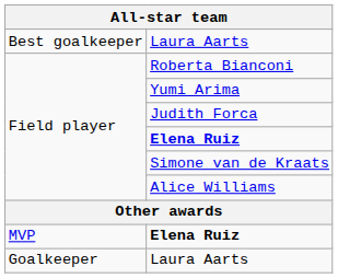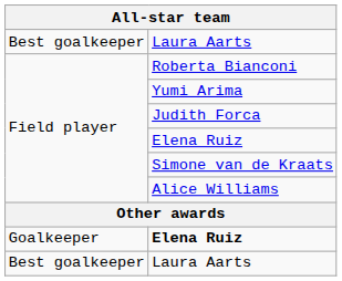 <table class="wikitable">
 <tr>
 <th colspan=2>All-star team</th>
 </tr>
 <tr>
 <td>Best goalkeeper</td>
 <td> <a href='#'>Laura Aarts</a></td>
 </tr>
 <tr>
 <td rowspan=6>Field player</td>
 <td> <a href='#'>Roberta Bianconi</a></td>
 </tr>
 <tr>
 <td> <a href='#'>Yumi Arima</a></td>
 </tr>
 <tr>
 <td> <a href='#'>Judith Forca</a></td>
 </tr>
 <tr>
-<td><strong> <a href='#'>Elena Ruiz</a></strong></td>
+<td> <a href='#'>Elena Ruiz</a></td>
 </tr>
 <tr>
 <td> <a href='#'>Simone van de Kraats</a></td>
 </tr>
 <tr>
 <td> <a href='#'>Alice Williams</a></td>
 </tr>
 <tr>
 <th colspan=2>Other awards</th>
 </tr>
 <tr>
-<td><a href='#'>MVP</a></td>
+<td>Goalkeeper</td>
 <td><strong> Elena Ruiz</strong></td>
 </tr>
 <tr>
-<td>Goalkeeper</td>
+<td>Best goalkeeper</td>
 <td> Laura Aarts</td>
 </tr>
 </table>
